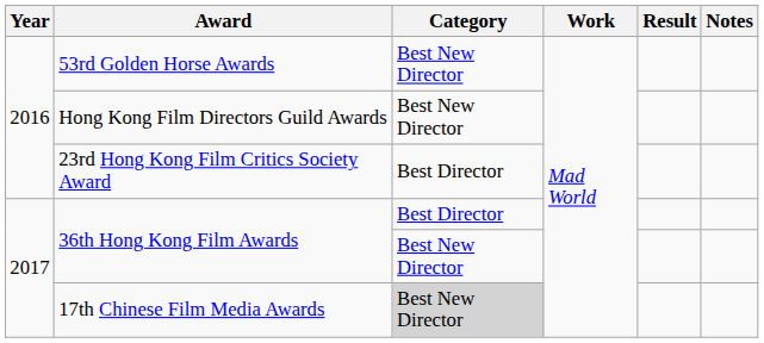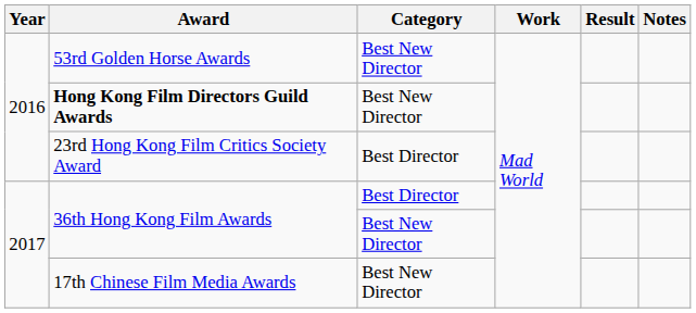 <table class="wikitable">
 <tr>
 <th>Year</th>
 <th>Award</th>
 <th>Category</th>
 <th>Work</th>
 <th>Result</th>
 <th>Notes</th>
 </tr>
 <tr>
 <td rowspan="3">2016</td>
 <td><a href='#'>53rd Golden Horse Awards</a></td>
 <td><a href='#'>Best New Director</a></td>
 <td rowspan="6"><a href='#'><em>Mad World</em></a></td>
 <td></td>
 <td></td>
 </tr>
 <tr>
-<td>Hong Kong Film Directors Guild Awards</td>
+<td><strong>Hong Kong Film Directors Guild Awards</strong></td>
 <td>Best New Director</td>
 <td></td>
 <td></td>
 </tr>
 <tr>
 <td>23rd <a href='#'>Hong Kong Film Critics Society Award</a></td>
 <td>Best Director</td>
 <td></td>
 <td></td>
 </tr>
 <tr>
 <td rowspan="3">2017</td>
 <td rowspan="2"><a href='#'>36th Hong Kong Film Awards</a></td>
 <td><a href='#'>Best Director</a></td>
 <td></td>
 <td></td>
 </tr>
 <tr>
 <td><a href='#'>Best New Director</a></td>
 <td></td>
 <td></td>
 </tr>
 <tr>
 <td>17th <a href='#'>Chinese Film Media Awards</a></td>
-<td style="background: lightgrey;">Best New Director</td>
+<td>Best New Director</td>
 <td></td>
 <td></td>
 </tr>
 </table>
